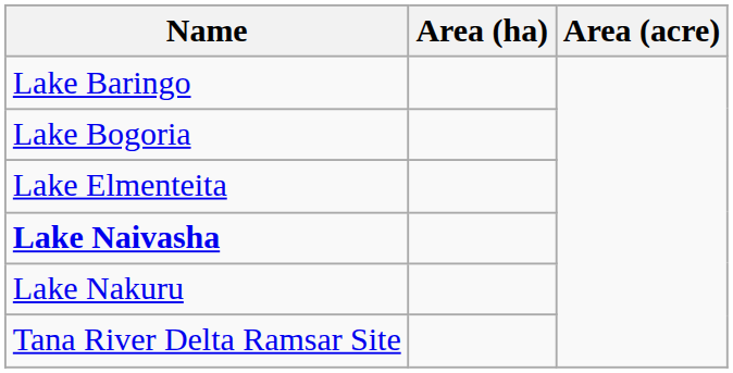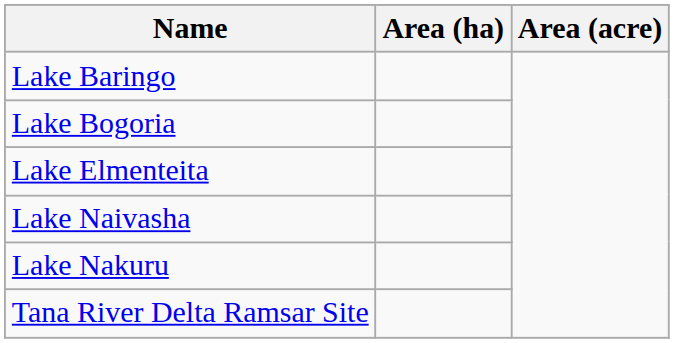 <table class="wikitable sortable">
 <tr>
 <th scope="col" align=left>Name</th>
 <th scope="col">Area (ha)</th>
 <th scope="col">Area (acre)</th>
 </tr>
 <tr ---->
 <td><a href='#'>Lake Baringo</a></td>
 <td></td>
 </tr>
 <tr ---->
 <td><a href='#'>Lake Bogoria</a></td>
 <td></td>
 </tr>
 <tr ---->
 <td><a href='#'>Lake Elmenteita</a></td>
 <td></td>
 </tr>
 <tr ---->
-<td><strong><a href='#'>Lake Naivasha</a></strong></td>
+<td><a href='#'>Lake Naivasha</a></td>
 <td></td>
 </tr>
 <tr ---->
 <td><a href='#'>Lake Nakuru</a></td>
 <td></td>
 </tr>
 <tr ---->
 <td><a href='#'>Tana River Delta Ramsar Site</a></td>
 <td></td>
 </tr>
 </table>
